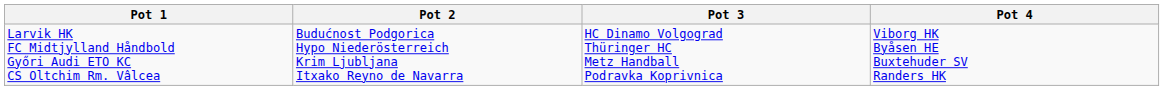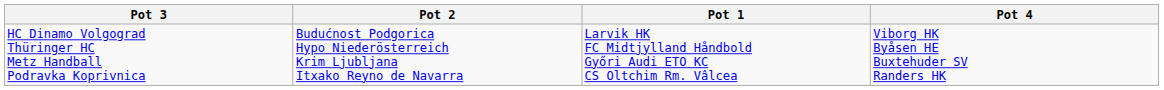 <table class="wikitable">
 <tr>
+<th width=15%>Pot 3</th>
+<th width=15%>Pot 2</th>
 <th width=15%>Pot 1</th>
-<th width=15%>Pot 2</th>
-<th width=15%>Pot 3</th>
 <th width=15%>Pot 4</th>
 </tr>
 <tr>
+<td valign="top"> <a href='#'>HC Dinamo Volgograd</a> <br> <a href='#'>Thüringer HC</a><br> <a href='#'>Metz Handball</a><br> <a href='#'>Podravka Koprivnica</a></td>
+<td valign="top"> <a href='#'>Budućnost Podgorica</a><br> <a href='#'>Hypo Niederösterreich</a><br> <a href='#'>Krim Ljubljana</a><br> <a href='#'>Itxako Reyno de Navarra</a></td>
 <td valign="top"> <a href='#'>Larvik HK</a><br> <a href='#'>FC Midtjylland Håndbold</a><br> <a href='#'>Győri Audi ETO KC</a><br> <a href='#'>CS Oltchim Rm. Vâlcea</a></td>
-<td valign="top"> <a href='#'>Budućnost Podgorica</a><br> <a href='#'>Hypo Niederösterreich</a><br> <a href='#'>Krim Ljubljana</a><br> <a href='#'>Itxako Reyno de Navarra</a></td>
-<td valign="top"> <a href='#'>HC Dinamo Volgograd</a> <br> <a href='#'>Thüringer HC</a><br> <a href='#'>Metz Handball</a><br> <a href='#'>Podravka Koprivnica</a></td>
 <td valign="top"> <a href='#'>Viborg HK</a><br> <a href='#'>Byåsen HE</a><br> <a href='#'>Buxtehuder SV</a><br> <a href='#'>Randers HK</a></td>
 </tr>
 </table>
